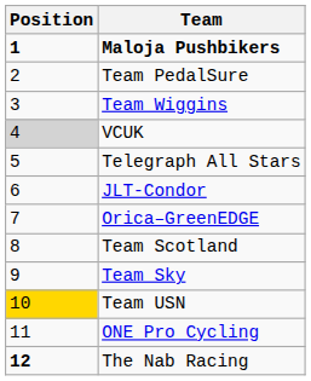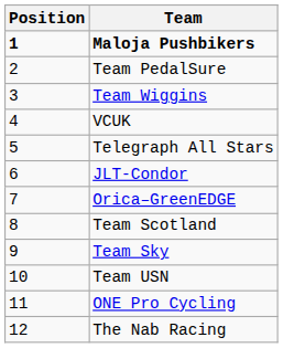 <table class="wikitable">
 <tr>
 <th>Position</th>
 <th>Team</th>
 </tr>
 <tr>
 <td><strong>1</strong></td>
 <td><strong>Maloja Pushbikers</strong></td>
 </tr>
 <tr>
 <td>2</td>
 <td>Team PedalSure</td>
 </tr>
 <tr>
 <td>3</td>
 <td><a href='#'>Team Wiggins</a></td>
 </tr>
 <tr>
-<td style="background: lightgrey;">4</td>
+<td>4</td>
 <td>VCUK</td>
 </tr>
 <tr>
 <td>5</td>
 <td>Telegraph All Stars</td>
 </tr>
 <tr>
 <td>6</td>
 <td><a href='#'>JLT-Condor</a></td>
 </tr>
 <tr>
 <td>7</td>
 <td><a href='#'>Orica–GreenEDGE</a></td>
 </tr>
 <tr>
 <td>8</td>
 <td>Team Scotland</td>
 </tr>
 <tr>
 <td>9</td>
 <td><a href='#'>Team Sky</a></td>
 </tr>
 <tr>
-<td style="background: gold;">10</td>
+<td>10</td>
 <td>Team USN</td>
 </tr>
 <tr>
 <td>11</td>
 <td><a href='#'>ONE Pro Cycling</a></td>
 </tr>
 <tr>
-<td><strong>12</strong></td>
+<td>12</td>
 <td>The Nab Racing</td>
 </tr>
 </table>
